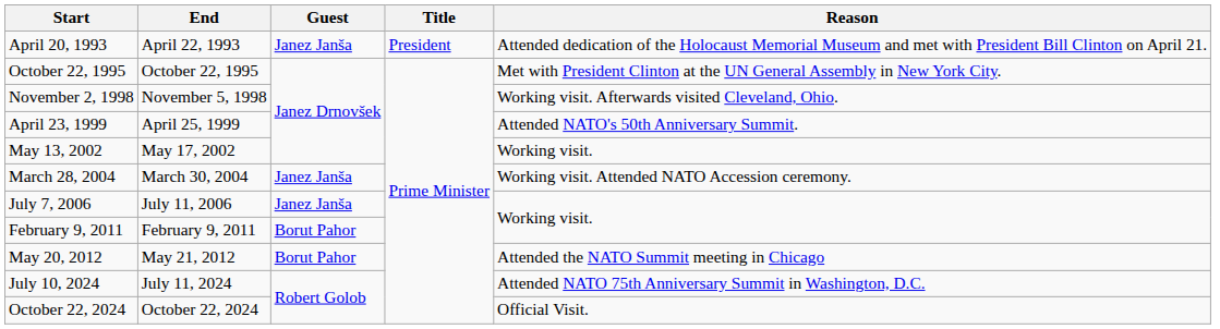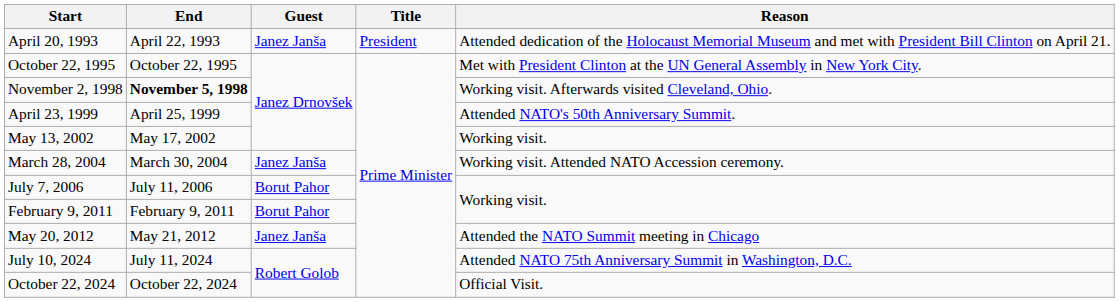 <table class="wikitable sortable">
 <tr>
 <th>Start</th>
 <th>End</th>
 <th>Guest</th>
 <th>Title</th>
 <th>Reason</th>
 </tr>
 <tr>
 <td>April 20, 1993</td>
 <td>April 22, 1993</td>
 <td><a href='#'>Janez Janša</a></td>
 <td><a href='#'>President</a></td>
 <td>Attended dedication of the <a href='#'>Holocaust Memorial Museum</a> and met with <a href='#'>President Bill Clinton</a> on April 21.</td>
 </tr>
 <tr>
 <td>October 22, 1995</td>
 <td>October 22, 1995</td>
 <td rowspan=4><a href='#'>Janez Drnovšek</a></td>
 <td rowspan=10><a href='#'>Prime Minister</a></td>
 <td>Met with <a href='#'>President Clinton</a> at the <a href='#'>UN General Assembly</a> in <a href='#'>New York City</a>.</td>
 </tr>
 <tr>
 <td>November 2, 1998</td>
-<td>November 5, 1998</td>
+<td><strong>November 5, 1998</strong></td>
 <td>Working visit. Afterwards visited <a href='#'>Cleveland, Ohio</a>.</td>
 </tr>
 <tr>
 <td>April 23, 1999</td>
 <td>April 25, 1999</td>
 <td>Attended <a href='#'>NATO's 50th Anniversary Summit</a>.</td>
 </tr>
 <tr>
 <td>May 13, 2002</td>
 <td>May 17, 2002</td>
 <td>Working visit.</td>
 </tr>
 <tr>
 <td>March 28, 2004</td>
 <td>March 30, 2004</td>
 <td><a href='#'>Janez Janša</a></td>
 <td>Working visit. Attended NATO Accession ceremony.</td>
 </tr>
 <tr>
 <td>July 7, 2006</td>
 <td>July 11, 2006</td>
-<td><a href='#'>Janez Janša</a></td>
+<td><a href='#'>Borut Pahor</a></td>
 <td rowspan=2>Working visit.</td>
 </tr>
 <tr>
 <td>February 9, 2011</td>
 <td>February 9, 2011</td>
 <td><a href='#'>Borut Pahor</a></td>
 </tr>
 <tr>
 <td>May 20, 2012</td>
 <td>May 21, 2012</td>
-<td><a href='#'>Borut Pahor</a></td>
+<td><a href='#'>Janez Janša</a></td>
 <td>Attended the <a href='#'>NATO Summit</a> meeting in <a href='#'>Chicago</a></td>
 </tr>
 <tr>
 <td>July 10, 2024</td>
 <td>July 11, 2024</td>
 <td rowspan=2><a href='#'>Robert Golob</a></td>
 <td>Attended <a href='#'>NATO 75th Anniversary Summit</a> in <a href='#'>Washington, D.C.</a></td>
 </tr>
 <tr>
 <td>October 22, 2024</td>
 <td>October 22, 2024</td>
 <td>Official Visit.</td>
 </tr>
 </table>
